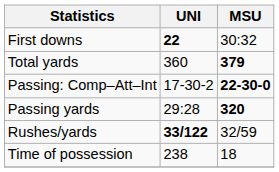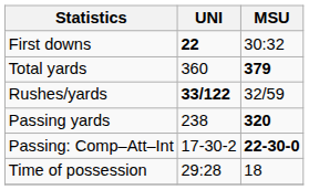 <table class="wikitable" style="float: left;">
 <tr>
 <th>Statistics</th>
 <th>UNI</th>
 <th>MSU</th>
 </tr>
 <tr>
 <td>First downs</td>
 <td><strong>22</strong></td>
 <td>30:32</td>
 </tr>
 <tr>
 <td>Total yards</td>
 <td>360</td>
 <td><strong>379</strong></td>
 </tr>
 <tr>
+<td>Rushes/yards</td>
+<td><strong>33/122</strong></td>
+<td>32/59</td>
+</tr>
+<tr>
+<td>Passing yards</td>
+<td>238</td>
+<td><strong>320</strong></td>
+</tr>
+<tr>
 <td>Passing: Comp–Att–Int</td>
 <td>17-30-2</td>
 <td><strong>22-30-0</strong></td>
 </tr>
 <tr>
-<td>Passing yards</td>
+<td>Time of possession</td>
 <td>29:28</td>
-<td><strong>320</strong></td>
-</tr>
-<tr>
-<td>Rushes/yards</td>
-<td><strong>33/122</strong></td>
-<td>32/59</td>
-</tr>
-<tr>
-<td>Time of possession</td>
-<td>238</td>
 <td>18</td>
 </tr>
 <tr>
 </tr>
 </table>
